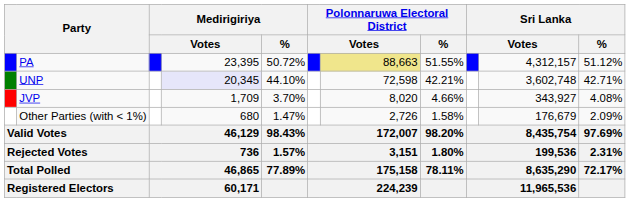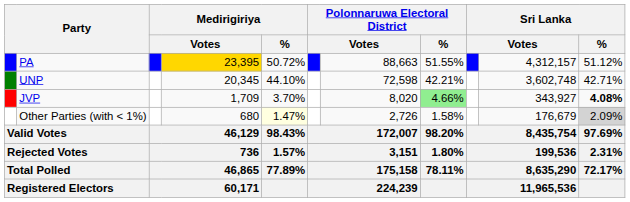 <table class="wikitable">
 <tr>
 <th colspan="2" width="144px"rowspan="2">Party</th>
 <th colspan="3" width="216px">Medirigiriya</th>
 <th colspan="3" width="216px"><a href='#'>Polonnaruwa Electoral District</a></th>
 <th colspan="3" width="216px">Sri Lanka</th>
 </tr>
 <tr>
 <th colspan="2" width="144px">Votes</th>
 <th>%</th>
 <th colspan="2" width="144px">Votes</th>
 <th>%</th>
 <th colspan="2" width="144px">Votes</th>
 <th>%</th>
 </tr>
 <tr>
 <td style="background-color:blue;" width="10px"></td>
 <td style="text-align:left;"><a href='#'>PA</a></td>
 <td style="background-color:blue;" width="10px"></td>
-<td style="text-align:right;">23,395</td>
+<td style="background: gold; text-align:right;">23,395</td>
 <td style="text-align:right;">50.72%</td>
 <td style="background-color:blue;" width="10px"></td>
-<td style="background: khaki; text-align:right;">88,663</td>
+<td style="text-align:right;">88,663</td>
 <td style="text-align:right;">51.55%</td>
 <td style="background-color:blue;" width="10px"></td>
 <td style="text-align:right;">4,312,157</td>
 <td style="text-align:right;">51.12%</td>
 </tr>
 <tr>
 <td style="background-color:green;" width="10px"></td>
 <td style="text-align:left;"><a href='#'>UNP</a></td>
 <td style="background-color:white;" width="10px"></td>
-<td style="background: lavender; text-align:right;">20,345</td>
+<td style="text-align:right;">20,345</td>
 <td style="text-align:right;">44.10%</td>
 <td style="background-color:white;" width="10px"></td>
 <td style="text-align:right;">72,598</td>
 <td style="text-align:right;">42.21%</td>
 <td style="background-color:white;" width="10px"></td>
 <td style="text-align:right;">3,602,748</td>
 <td style="text-align:right;">42.71%</td>
 </tr>
 <tr>
 <td style="background-color:red;" width="10px"></td>
 <td style="text-align:left;"><a href='#'>JVP</a></td>
 <td style="background-color:white;" width="10px"></td>
 <td style="text-align:right;">1,709</td>
 <td style="text-align:right;">3.70%</td>
 <td style="background-color:white;" width="10px"></td>
 <td style="text-align:right;">8,020</td>
-<td style="text-align:right;">4.66%</td>
+<td style="background: lightgreen; text-align:right;">4.66%</td>
 <td style="background-color:white;" width="10px"></td>
 <td style="text-align:right;">343,927</td>
-<td style="text-align:right;">4.08%</td>
+<td style="text-align:right;"><strong>4.08%</strong></td>
 </tr>
 <tr>
 <td style="background-color:white;" width="10px"></td>
 <td style="text-align:left;">Other Parties (with < 1%)</td>
 <td style="background-color:white;" width="10px"></td>
 <td style="text-align:right;">680</td>
-<td style="text-align:right;">1.47%</td>
+<td style="background: lightyellow; text-align:right;">1.47%</td>
 <td style="background-color:white;" width="10px"></td>
 <td style="text-align:right;">2,726</td>
 <td style="text-align:right;">1.58%</td>
 <td style="background-color:white;" width="10px"></td>
 <td style="text-align:right;">176,679</td>
-<td style="text-align:right;">2.09%</td>
+<td style="background: lightgrey; text-align:right;">2.09%</td>
 </tr>
 <tr>
 <th colspan="2" width="144px"style="text-align:left;">Valid Votes</th>
 <th style="text-align:right;"colspan="2" width="144px">46,129</th>
 <th style="text-align:right;">98.43%</th>
 <th style="text-align:right;"colspan="2" width="144px">172,007</th>
 <th style="text-align:right;">98.20%</th>
 <th style="text-align:right;"colspan="2" width="144px">8,435,754</th>
 <th style="text-align:right;">97.69%</th>
 </tr>
 <tr>
 <th colspan="2" width="144px"style="text-align:left;">Rejected Votes</th>
 <th style="text-align:right;"colspan="2" width="144px">736</th>
 <th style="text-align:right;">1.57%</th>
 <th style="text-align:right;"colspan="2" width="144px">3,151</th>
 <th style="text-align:right;">1.80%</th>
 <th style="text-align:right;"colspan="2" width="144px">199,536</th>
 <th style="text-align:right;">2.31%</th>
 </tr>
 <tr>
 <th colspan="2" width="144px"style="text-align:left;">Total Polled</th>
 <th style="text-align:right;"colspan="2" width="144px">46,865</th>
 <th style="text-align:right;">77.89%</th>
 <th style="text-align:right;"colspan="2" width="144px">175,158</th>
 <th style="text-align:right;">78.11%</th>
 <th style="text-align:right;"colspan="2" width="144px">8,635,290</th>
 <th style="text-align:right;">72.17%</th>
 </tr>
 <tr>
 <th colspan="2" width="144px"style="text-align:left;">Registered Electors</th>
 <th style="text-align:right;"colspan="2" width="144px">60,171</th>
 <th></th>
 <th style="text-align:right;"colspan="2" width="144px">224,239</th>
 <th></th>
 <th style="text-align:right;"colspan="2" width="144px">11,965,536</th>
 <th></th>
 </tr>
 </table>
